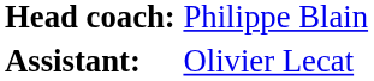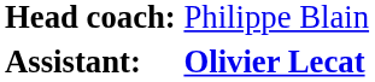 <table>
 <tr>
 <td><strong>Head coach:</strong></td>
 <td><a href='#'>Philippe Blain</a></td>
 </tr>
 <tr>
 <td><strong>Assistant:</strong></td>
-<td><a href='#'>Olivier Lecat</a></td>
+<td><strong><a href='#'>Olivier Lecat</a></strong></td>
 </tr>
 </table>
